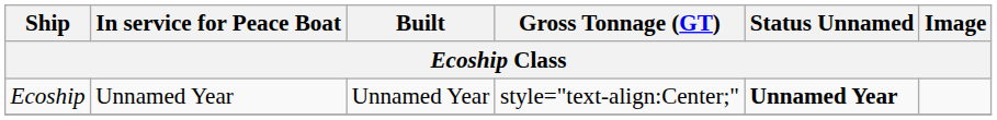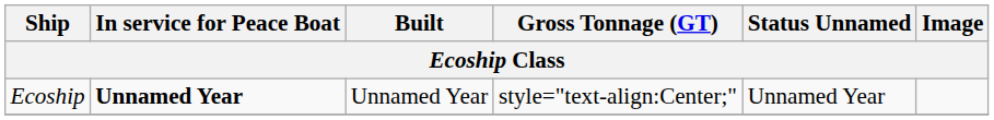 <table class="wikitable sortable">
 <tr>
 <th>Ship</th>
 <th>In service for Peace Boat</th>
 <th>Built</th>
 <th>Gross Tonnage (<a href='#'>GT</a>)</th>
 <th>Status Unnamed</th>
 <th>Image</th>
 </tr>
 <tr>
 <th colspan="7"><em>Ecoship</em> Class</th>
 </tr>
 <tr>
 <td><em>Ecoship</em></td>
-<td>Unnamed Year</td>
+<td><strong>Unnamed Year</strong></td>
 <td>Unnamed Year</td>
 <td>style="text-align:Center;"</td>
-<td><strong>Unnamed Year</strong></td>
+<td>Unnamed Year</td>
 <td></td>
 </tr>
 <tr>
 </tr>
 </table>
